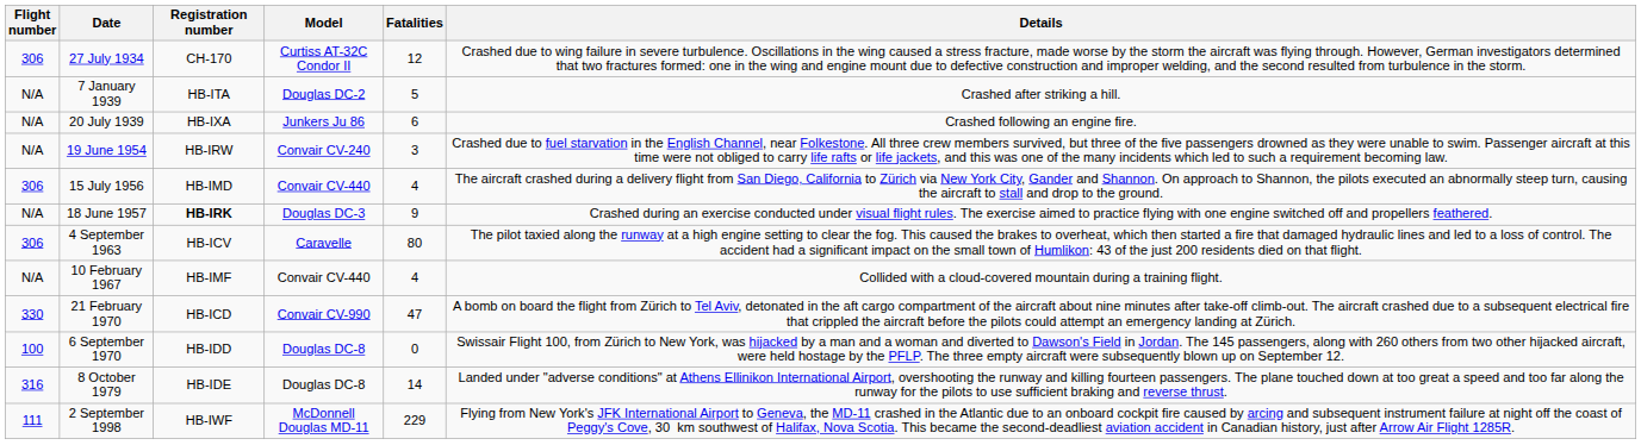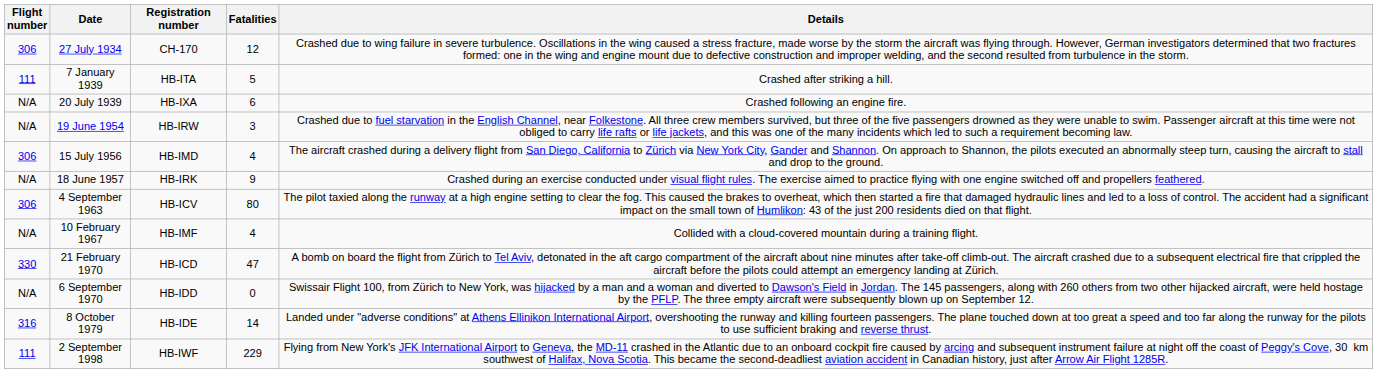 <table class="wikitable sortable" style="margin:auto; text-align:center;">
 <tr>
 <th>Flight<br>number</th>
 <th>Date</th>
 <th>Registration number</th>
-<th>Model</th>
 <th>Fatalities</th>
 <th>Details</th>
 </tr>
 <tr>
 <td><a href='#'>306</a></td>
 <td><a href='#'>27 July 1934</a></td>
 <td>CH-170</td>
-<td><a href='#'>Curtiss AT-32C Condor II</a></td>
 <td>12</td>
 <td>Crashed due to wing failure in severe turbulence. Oscillations in the wing caused a stress fracture, made worse by the storm the aircraft was flying through. However, German investigators determined that two fractures formed: one in the wing and engine mount due to defective construction and improper welding, and the second resulted from turbulence in the storm.</td>
 </tr>
 <tr>
-<td>N/A</td>
+<td><a href='#'>111</a></td>
 <td>7 January 1939</td>
 <td>HB-ITA</td>
-<td><a href='#'>Douglas DC-2</a></td>
 <td>5</td>
 <td>Crashed after striking a hill.</td>
 </tr>
 <tr>
 <td>N/A</td>
 <td>20 July 1939</td>
 <td>HB-IXA</td>
-<td><a href='#'>Junkers Ju 86</a></td>
 <td>6</td>
 <td>Crashed following an engine fire.</td>
 </tr>
 <tr>
 <td>N/A</td>
 <td><a href='#'>19 June 1954</a></td>
 <td>HB-IRW</td>
-<td><a href='#'>Convair CV-240</a></td>
 <td>3</td>
 <td>Crashed due to <a href='#'>fuel starvation</a> in the <a href='#'>English Channel</a>, near <a href='#'>Folkestone</a>. All three crew members survived, but three of the five passengers drowned as they were unable to swim. Passenger aircraft at this time were not obliged to carry <a href='#'>life rafts</a> or <a href='#'>life jackets</a>, and this was one of the many incidents which led to such a requirement becoming law.</td>
 </tr>
 <tr>
 <td><a href='#'>306</a></td>
 <td>15 July 1956</td>
 <td>HB-IMD</td>
-<td><a href='#'>Convair CV-440</a></td>
 <td>4</td>
 <td>The aircraft crashed during a delivery flight from <a href='#'>San Diego, California</a> to <a href='#'>Zürich</a> via <a href='#'>New York City</a>, <a href='#'>Gander</a> and <a href='#'>Shannon</a>. On approach to Shannon, the pilots executed an abnormally steep turn, causing the aircraft to <a href='#'>stall</a> and drop to the ground.</td>
 </tr>
 <tr>
 <td>N/A</td>
 <td>18 June 1957</td>
-<td><strong>HB-IRK</strong></td>
-<td><a href='#'>Douglas DC-3</a></td>
+<td>HB-IRK</td>
 <td>9</td>
 <td>Crashed during an exercise conducted under <a href='#'>visual flight rules</a>. The exercise aimed to practice flying with one engine switched off and propellers <a href='#'>feathered</a>.</td>
 </tr>
 <tr>
 <td><a href='#'>306</a></td>
 <td>4 September 1963</td>
 <td>HB-ICV</td>
-<td><a href='#'>Caravelle</a></td>
 <td>80</td>
 <td>The pilot taxied along the <a href='#'>runway</a> at a high engine setting to clear the fog. This caused the brakes to overheat, which then started a fire that damaged hydraulic lines and led to a loss of control. The accident had a significant impact on the small town of <a href='#'>Humlikon</a>: 43 of the just 200 residents died on that flight.</td>
 </tr>
 <tr>
 <td>N/A</td>
 <td>10 February 1967</td>
 <td>HB-IMF</td>
-<td>Convair CV-440</td>
 <td>4</td>
 <td>Collided with a cloud-covered mountain during a training flight.</td>
 </tr>
 <tr>
 <td><a href='#'>330</a></td>
 <td>21 February 1970</td>
 <td>HB-ICD</td>
-<td><a href='#'>Convair CV-990</a></td>
 <td>47</td>
 <td>A bomb on board the flight from Zürich to <a href='#'>Tel Aviv</a>, detonated in the aft cargo compartment of the aircraft about nine minutes after take-off climb-out. The aircraft crashed due to a subsequent electrical fire that crippled the aircraft before the pilots could attempt an emergency landing at Zürich.</td>
 </tr>
 <tr>
-<td><a href='#'>100</a></td>
+<td>N/A</td>
 <td>6 September 1970</td>
 <td>HB-IDD</td>
-<td><a href='#'>Douglas DC-8</a></td>
 <td>0</td>
 <td>Swissair Flight 100, from Zürich to New York, was <a href='#'>hijacked</a> by a man and a woman and diverted to <a href='#'>Dawson's Field</a> in <a href='#'>Jordan</a>. The 145 passengers, along with 260 others from two other hijacked aircraft, were held hostage by the <a href='#'>PFLP</a>. The three empty aircraft were subsequently blown up on September 12.</td>
 </tr>
 <tr>
 <td><a href='#'>316</a></td>
 <td>8 October 1979</td>
 <td>HB-IDE</td>
-<td>Douglas DC-8</td>
 <td>14</td>
 <td>Landed under "adverse conditions" at <a href='#'>Athens Ellinikon International Airport</a>, overshooting the runway and killing fourteen passengers. The plane touched down at too great a speed and too far along the runway for the pilots to use sufficient braking and <a href='#'>reverse thrust</a>.</td>
 </tr>
 <tr>
 <td><a href='#'>111</a></td>
 <td>2 September 1998</td>
 <td>HB-IWF</td>
-<td><a href='#'>McDonnell Douglas MD-11</a></td>
 <td>229</td>
 <td>Flying from New York's <a href='#'>JFK International Airport</a> to <a href='#'>Geneva</a>, the <a href='#'>MD-11</a> crashed in the Atlantic due to an onboard cockpit fire caused by <a href='#'>arcing</a> and subsequent instrument failure at night off the coast of <a href='#'>Peggy's Cove</a>, 30  km southwest of <a href='#'>Halifax, Nova Scotia</a>. This became the second-deadliest <a href='#'>aviation accident</a> in Canadian history, just after <a href='#'>Arrow Air Flight 1285R</a>.</td>
 </tr>
 </table>
